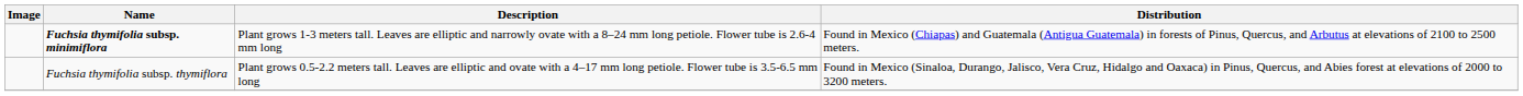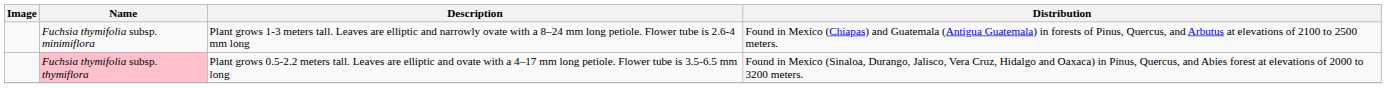 <table class="wikitable">
 <tr>
 <th>Image</th>
 <th>Name</th>
 <th>Description</th>
 <th>Distribution</th>
 </tr>
 <tr>
 <td></td>
-<td><strong><em>Fuchsia thymifolia</em> subsp. <em>minimiflora</em></strong></td>
+<td><em>Fuchsia thymifolia</em> subsp. <em>minimiflora</em></td>
 <td>Plant grows 1-3 meters tall. Leaves are elliptic and narrowly ovate with a 8–24 mm long petiole. Flower tube is 2.6-4 mm long</td>
 <td>Found in Mexico (<a href='#'>Chiapas</a>) and Guatemala (<a href='#'>Antigua Guatemala</a>) in forests of Pinus, Quercus, and <a href='#'>Arbutus</a> at elevations of 2100 to 2500 meters.</td>
 </tr>
 <tr>
 <td></td>
-<td><em>Fuchsia thymifolia</em> subsp. <em>thymiflora</em></td>
+<td style="background: pink;"><em>Fuchsia thymifolia</em> subsp. <em>thymiflora</em></td>
 <td>Plant grows 0.5-2.2 meters tall. Leaves are elliptic and ovate with a 4–17 mm long petiole. Flower tube is 3.5-6.5 mm long</td>
 <td>Found in Mexico (Sinaloa, Durango, Jalisco, Vera Cruz,  Hidalgo and  Oaxaca) in Pinus, Quercus, and Abies forest at elevations of  2000 to 3200 meters.</td>
 </tr>
 <tr>
 </tr>
 </table>
